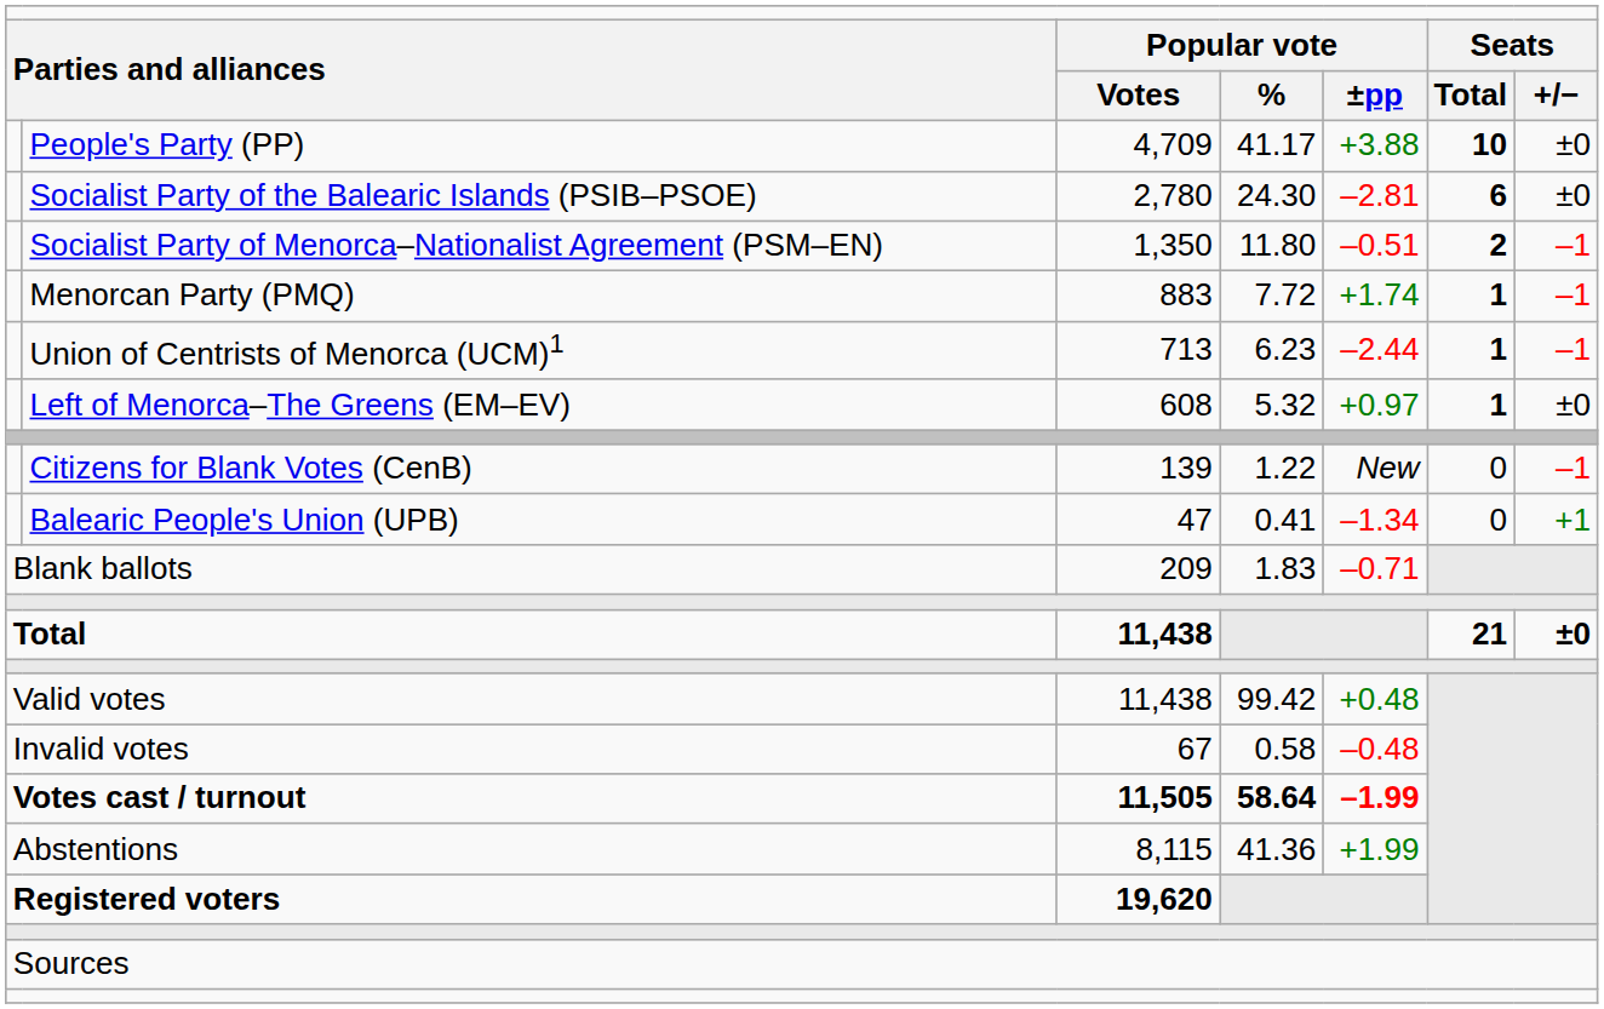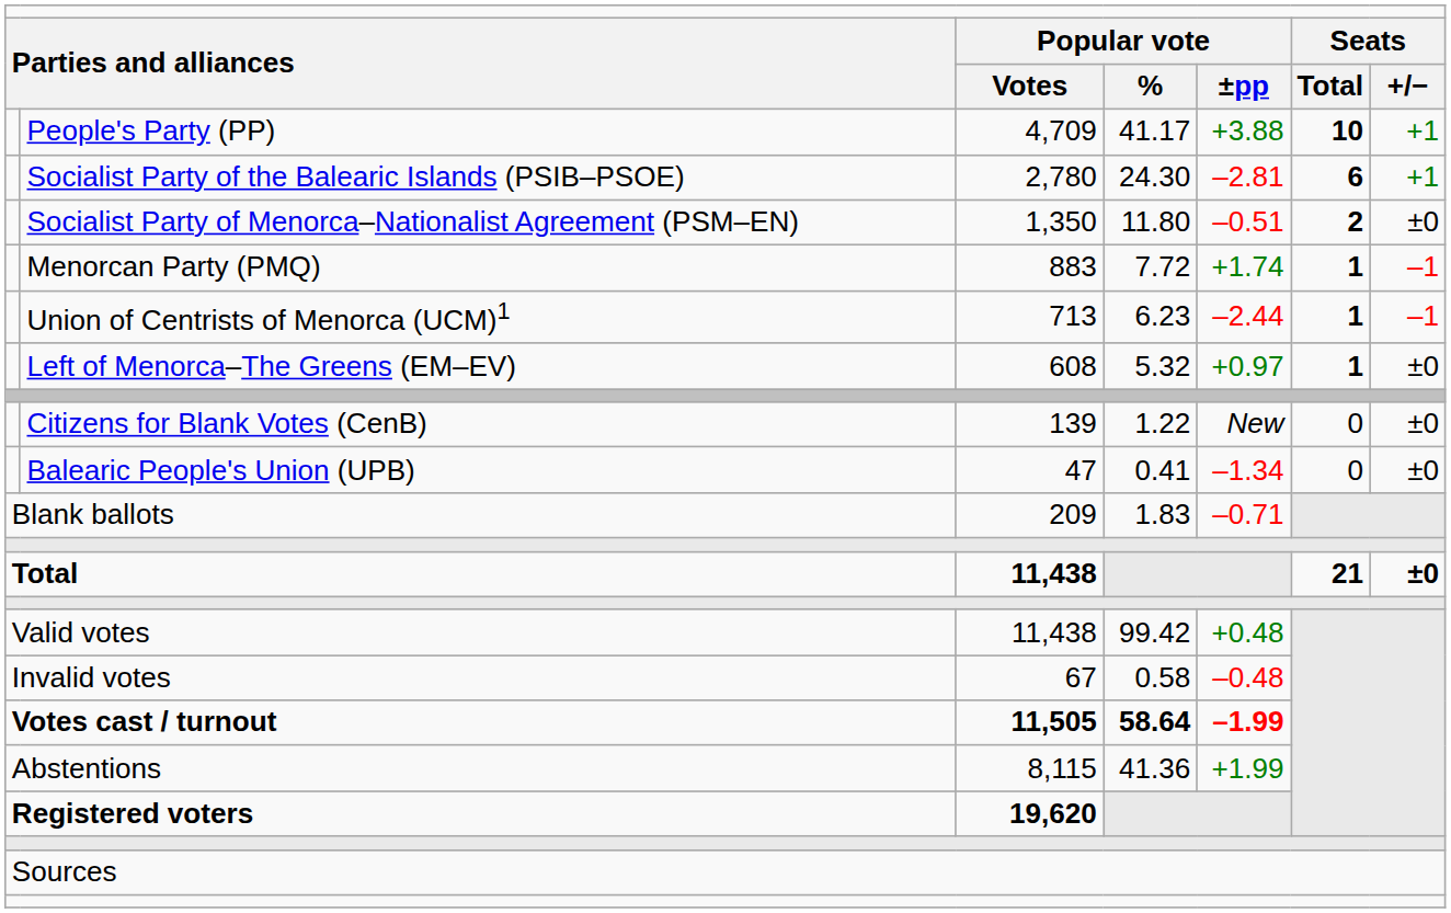 <table class="wikitable" style="text-align:right;">
 <tr>
 <td colspan="7"></td>
 </tr>
 <tr>
 <th style="text-align:left;" rowspan="2" colspan="2" width="525">Parties and alliances</th>
 <th colspan="3">Popular vote</th>
 <th colspan="2">Seats</th>
 </tr>
 <tr>
 <th width="75">Votes</th>
 <th width="45">%</th>
 <th width="45">±<a href='#'>pp</a></th>
 <th width="35">Total</th>
 <th width="35">+/−</th>
 </tr>
 <tr>
 <td width="1" style="color:inherit;background:"></td>
 <td align="left"><a href='#'>People's Party</a> (PP)</td>
 <td>4,709</td>
 <td>41.17</td>
 <td style="color:green;">+3.88</td>
 <td><strong>10</strong></td>
-<td>±0</td>
+<td style="color:green;">+1</td>
 </tr>
 <tr>
 <td style="color:inherit;background:"></td>
 <td align="left"><a href='#'>Socialist Party of the Balearic Islands</a> (PSIB–PSOE)</td>
 <td>2,780</td>
 <td>24.30</td>
 <td style="color:red;">–2.81</td>
 <td><strong>6</strong></td>
-<td>±0</td>
+<td style="color:green;">+1</td>
 </tr>
 <tr>
 <td style="color:inherit;background:"></td>
 <td align="left"><a href='#'>Socialist Party of Menorca</a>–<a href='#'>Nationalist Agreement</a> (PSM–EN)</td>
 <td>1,350</td>
 <td>11.80</td>
 <td style="color:red;">–0.51</td>
 <td><strong>2</strong></td>
-<td style="color:red;">–1</td>
+<td>±0</td>
 </tr>
 <tr>
 <td style="color:inherit;background:"></td>
 <td align="left">Menorcan Party (PMQ)</td>
 <td>883</td>
 <td>7.72</td>
 <td style="color:green;">+1.74</td>
 <td><strong>1</strong></td>
 <td style="color:red;">–1</td>
 </tr>
 <tr>
 <td style="color:inherit;background:"></td>
 <td align="left">Union of Centrists of Menorca (UCM)<sup>1</sup></td>
 <td>713</td>
 <td>6.23</td>
 <td style="color:red;">–2.44</td>
 <td><strong>1</strong></td>
 <td style="color:red;">–1</td>
 </tr>
 <tr>
 <td style="color:inherit;background:"></td>
 <td align="left"><a href='#'>Left of Menorca</a>–<a href='#'>The Greens</a> (EM–EV)</td>
 <td>608</td>
 <td>5.32</td>
 <td style="color:green;">+0.97</td>
 <td><strong>1</strong></td>
 <td>±0</td>
 </tr>
 <tr>
 <td colspan="7" bgcolor="#C0C0C0"></td>
 </tr>
 <tr>
 <td style="color:inherit;background:"></td>
 <td align="left"><a href='#'>Citizens for Blank Votes</a> (CenB)</td>
 <td>139</td>
 <td>1.22</td>
 <td><em>New</em></td>
 <td>0</td>
-<td style="color:red;">–1</td>
+<td>±0</td>
 </tr>
 <tr>
 <td style="color:inherit;background:"></td>
 <td align="left"><a href='#'>Balearic People's Union</a> (UPB)</td>
 <td>47</td>
 <td>0.41</td>
 <td style="color:red;">–1.34</td>
 <td>0</td>
-<td style="color:green;">+1</td>
+<td>±0</td>
 </tr>
 <tr>
 <td align="left" colspan="2">Blank ballots</td>
 <td>209</td>
 <td>1.83</td>
 <td style="color:red;">–0.71</td>
 <td bgcolor="#E9E9E9" colspan="2"></td>
 </tr>
 <tr>
 <td colspan="7" bgcolor="#E9E9E9"></td>
 </tr>
 <tr style="font-weight:bold;">
 <td align="left" colspan="2">Total</td>
 <td>11,438</td>
 <td bgcolor="#E9E9E9" colspan="2"></td>
 <td>21</td>
 <td>±0</td>
 </tr>
 <tr>
 <td colspan="7" bgcolor="#E9E9E9"></td>
 </tr>
 <tr>
 <td align="left" colspan="2">Valid votes</td>
 <td>11,438</td>
 <td>99.42</td>
 <td style="color:green;">+0.48</td>
 <td bgcolor="#E9E9E9" colspan="2" rowspan="5"></td>
 </tr>
 <tr>
 <td align="left" colspan="2">Invalid votes</td>
 <td>67</td>
 <td>0.58</td>
 <td style="color:red;">–0.48</td>
 </tr>
 <tr style="font-weight:bold;">
 <td align="left" colspan="2">Votes cast / turnout</td>
 <td>11,505</td>
 <td>58.64</td>
 <td style="color:red;">–1.99</td>
 </tr>
 <tr>
 <td align="left" colspan="2">Abstentions</td>
 <td>8,115</td>
 <td>41.36</td>
 <td style="color:green;">+1.99</td>
 </tr>
 <tr style="font-weight:bold;">
 <td align="left" colspan="2">Registered voters</td>
 <td>19,620</td>
 <td bgcolor="#E9E9E9" colspan="2"></td>
 </tr>
 <tr>
 <td colspan="7" bgcolor="#E9E9E9"></td>
 </tr>
 <tr>
 <td align="left" colspan="7">Sources</td>
 </tr>
 <tr>
 <td colspan="7" style="text-align:left; max-width:790px;"></td>
 </tr>
 </table>
